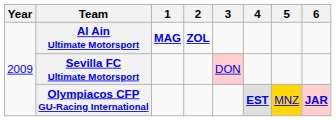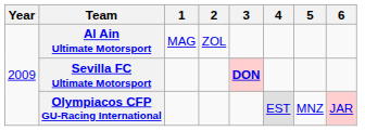 <table class="wikitable" style="text-align:center; font-size:85%">
 <tr>
 <th>Year</th>
 <th>Team</th>
 <th>1</th>
 <th>2</th>
 <th>3</th>
 <th>4</th>
 <th>5</th>
 <th>6</th>
 </tr>
 <tr>
 <td rowspan=3><a href='#'>2009</a></td>
 <th nowrap><a href='#'>Al Ain</a><br><small><a href='#'>Ultimate Motorsport</a></small></th>
-<td><strong><a href='#'>MAG</a></strong></td>
-<td><strong><a href='#'>ZOL</a><br></strong></td>
+<td><a href='#'>MAG</a></td>
+<td><a href='#'>ZOL</a><br></td>
 <td></td>
 <td></td>
 <td></td>
 <td></td>
 </tr>
 <tr>
 <th nowrap><a href='#'>Sevilla FC</a><br><small><a href='#'>Ultimate Motorsport</a></small></th>
 <td></td>
 <td></td>
-<td style="background:#ffcfcf;"><a href='#'>DON</a><br></td>
+<td style="background:#ffcfcf;"><strong><a href='#'>DON</a><br></strong></td>
 <td></td>
 <td></td>
 <td></td>
 </tr>
 <tr>
 <th nowrap><a href='#'>Olympiacos CFP</a><br><small><a href='#'>GU-Racing International</a></small></th>
 <td></td>
 <td></td>
 <td></td>
-<td style="background:#dfdfdf;"><strong><a href='#'>EST</a><br></strong></td>
-<td style="background: gold;"><a href='#'>MNZ</a><br></td>
-<td style="background:#ffcfcf;"><strong><a href='#'>JAR</a><br></strong></td>
+<td style="background:#dfdfdf;"><a href='#'>EST</a><br></td>
+<td><a href='#'>MNZ</a><br></td>
+<td style="background:#ffcfcf;"><a href='#'>JAR</a><br></td>
 </tr>
 </table>
